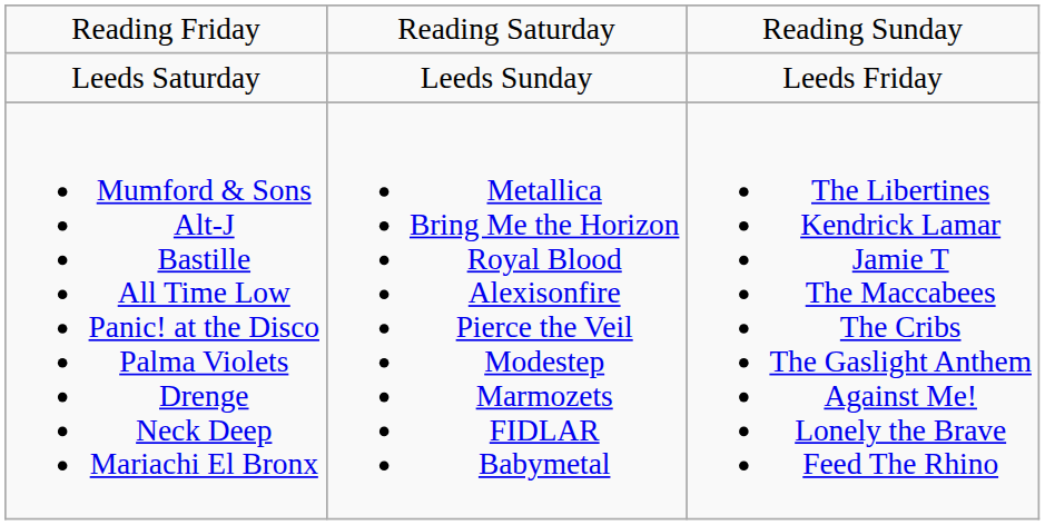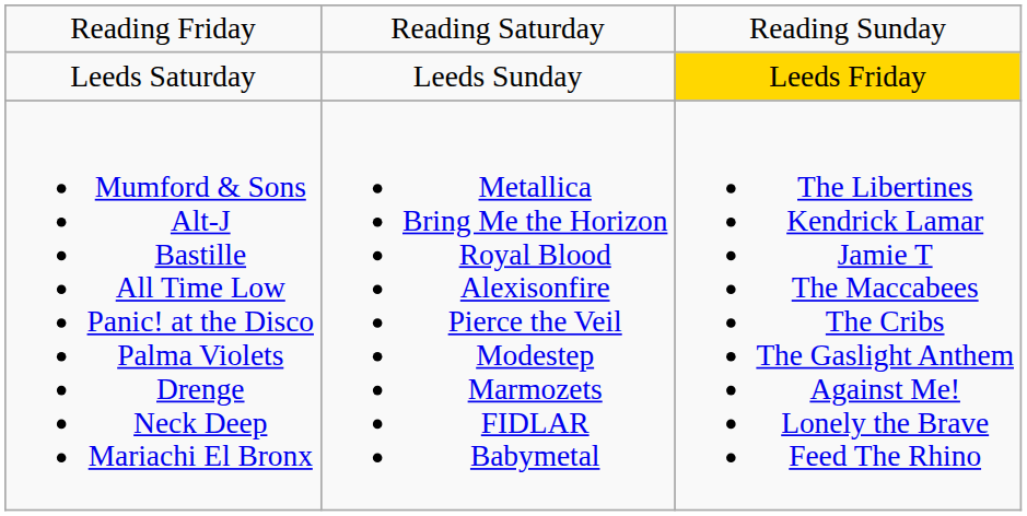 <table class="wikitable" style="text-align:center;">
 <tr>
 <td>Reading Friday</td>
 <td>Reading Saturday</td>
 <td>Reading Sunday</td>
 </tr>
 <tr>
 <td>Leeds Saturday</td>
 <td>Leeds Sunday</td>
-<td>Leeds Friday</td>
+<td style="background: gold;">Leeds Friday</td>
 </tr>
 <tr>
 <td><br><ul><li><a href='#'>Mumford & Sons</a></li><li><a href='#'>Alt-J</a></li><li><a href='#'>Bastille</a></li><li><a href='#'>All Time Low</a></li><li><a href='#'>Panic! at the Disco</a></li><li><a href='#'>Palma Violets</a></li><li><a href='#'>Drenge</a></li><li><a href='#'>Neck Deep</a></li><li><a href='#'>Mariachi El Bronx</a></li></ul></td>
 <td><br><ul><li><a href='#'>Metallica</a></li><li><a href='#'>Bring Me the Horizon</a></li><li><a href='#'>Royal Blood</a></li><li><a href='#'>Alexisonfire</a></li><li><a href='#'>Pierce the Veil</a></li><li><a href='#'>Modestep</a></li><li><a href='#'>Marmozets</a></li><li><a href='#'>FIDLAR</a></li><li><a href='#'>Babymetal</a></li></ul></td>
 <td><br><ul><li><a href='#'>The Libertines</a></li><li><a href='#'>Kendrick Lamar</a></li><li><a href='#'>Jamie T</a></li><li><a href='#'>The Maccabees</a></li><li><a href='#'>The Cribs</a></li><li><a href='#'>The Gaslight Anthem</a></li><li><a href='#'>Against Me!</a></li><li><a href='#'>Lonely the Brave</a></li><li><a href='#'>Feed The Rhino</a></li></ul></td>
 </tr>
 </table>
